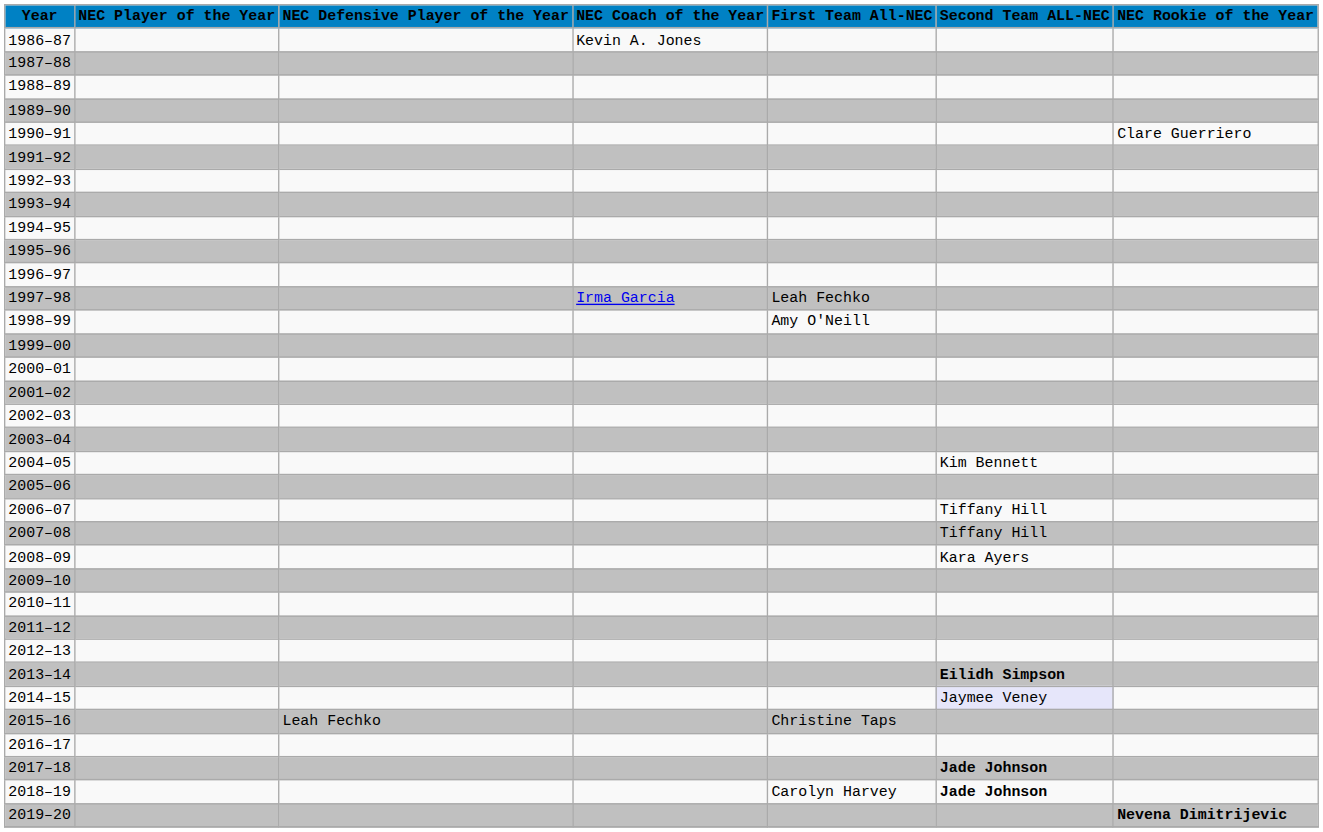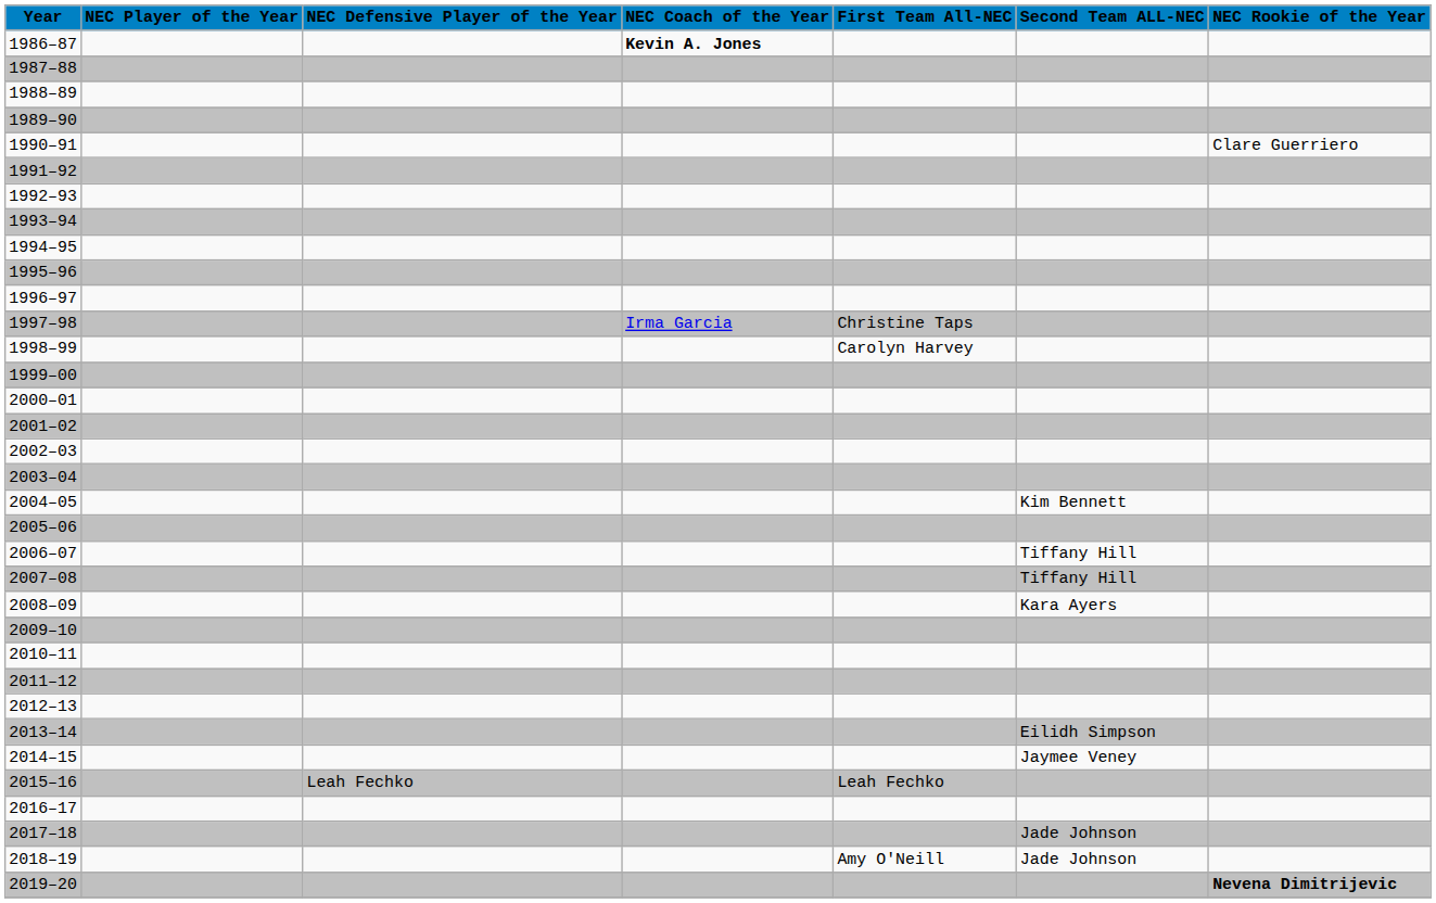 <table class="wikitable collapsible autocollapse" style="font-size:85%">
 <tr>
 <th align="center" style="background:#0081C4;"><span>Year</span></th>
 <th align="center" style="background:#0081C4;"><span>NEC Player of the Year</span> </th>
 <th align="center" style="background:#0081C4;"><span>NEC Defensive Player of the Year</span> </th>
 <th align="center" style="background:#0081C4;"><span>NEC Coach of the Year</span> </th>
 <th align="center" style="background:#0081C4;"><span>First Team All-NEC</span> </th>
 <th align="center" style="background:#0081C4;"><span>Second Team ALL-NEC</span> </th>
 <th align="center" style="background:#0081C4;"><span>NEC Rookie of the Year</span> </th>
 </tr>
 <tr>
 <td>1986–87</td>
 <td></td>
 <td></td>
-<td>Kevin A. Jones</td>
+<td><strong>Kevin A. Jones</strong></td>
 <td></td>
 <td></td>
 <td></td>
 </tr>
 <tr>
 <td style=background:silver>1987–88</td>
 <td style=background:silver></td>
 <td style=background:silver></td>
 <td style=background:silver></td>
 <td style=background:silver></td>
 <td style=background:silver></td>
 <td style=background:silver></td>
 </tr>
 <tr>
 <td>1988–89</td>
 <td></td>
 <td></td>
 <td></td>
 <td></td>
 <td></td>
 <td></td>
 </tr>
 <tr>
 <td style=background:silver>1989–90</td>
 <td style=background:silver></td>
 <td style=background:silver></td>
 <td style=background:silver></td>
 <td style=background:silver></td>
 <td style=background:silver></td>
 <td style=background:silver></td>
 </tr>
 <tr>
 <td>1990–91</td>
 <td></td>
 <td></td>
 <td></td>
 <td></td>
 <td></td>
 <td>Clare Guerriero</td>
 </tr>
 <tr>
 <td style=background:silver>1991–92</td>
 <td style=background:silver></td>
 <td style=background:silver></td>
 <td style=background:silver></td>
 <td style=background:silver></td>
 <td style=background:silver></td>
 <td style=background:silver></td>
 </tr>
 <tr>
 <td>1992–93</td>
 <td></td>
 <td></td>
 <td></td>
 <td></td>
 <td></td>
 <td></td>
 </tr>
 <tr>
 <td style=background:silver>1993–94</td>
 <td style=background:silver></td>
 <td style=background:silver></td>
 <td style=background:silver></td>
 <td style=background:silver></td>
 <td style=background:silver></td>
 <td style=background:silver></td>
 </tr>
 <tr>
 <td>1994–95</td>
 <td></td>
 <td></td>
 <td></td>
 <td></td>
 <td></td>
 <td></td>
 </tr>
 <tr>
 <td style=background:silver>1995–96</td>
 <td style=background:silver></td>
 <td style=background:silver></td>
 <td style=background:silver></td>
 <td style=background:silver></td>
 <td style=background:silver></td>
 <td style=background:silver></td>
 </tr>
 <tr>
 <td>1996–97</td>
 <td></td>
 <td></td>
 <td></td>
 <td></td>
 <td></td>
 <td></td>
 </tr>
 <tr>
 <td style=background:silver>1997–98</td>
 <td style=background:silver></td>
 <td style=background:silver></td>
 <td style=background:silver><a href='#'>Irma Garcia</a></td>
-<td style=background:silver>Leah Fechko</td>
+<td style=background:silver>Christine Taps</td>
 <td style=background:silver></td>
 <td style=background:silver></td>
 </tr>
 <tr>
 <td>1998–99</td>
 <td></td>
 <td></td>
 <td></td>
-<td>Amy O'Neill</td>
+<td>Carolyn Harvey</td>
 <td></td>
 <td></td>
 </tr>
 <tr>
 <td style=background:silver>1999–00</td>
 <td style=background:silver></td>
 <td style=background:silver></td>
 <td style=background:silver></td>
 <td style=background:silver></td>
 <td style=background:silver></td>
 <td style=background:silver></td>
 </tr>
 <tr>
 <td>2000–01</td>
 <td></td>
 <td></td>
 <td></td>
 <td></td>
 <td></td>
 <td></td>
 </tr>
 <tr>
 <td style=background:silver>2001–02</td>
 <td style=background:silver></td>
 <td style=background:silver></td>
 <td style=background:silver></td>
 <td style=background:silver></td>
 <td style=background:silver></td>
 <td style=background:silver></td>
 </tr>
 <tr>
 <td>2002–03</td>
 <td></td>
 <td></td>
 <td></td>
 <td></td>
 <td></td>
 <td></td>
 </tr>
 <tr>
 <td style=background:silver>2003–04</td>
 <td style=background:silver></td>
 <td style=background:silver></td>
 <td style=background:silver></td>
 <td style=background:silver></td>
 <td style=background:silver></td>
 <td style=background:silver></td>
 </tr>
 <tr>
 <td>2004–05</td>
 <td></td>
 <td></td>
 <td></td>
 <td></td>
 <td>Kim Bennett</td>
 <td></td>
 </tr>
 <tr>
 <td style=background:silver>2005–06</td>
 <td style=background:silver></td>
 <td style=background:silver></td>
 <td style=background:silver></td>
 <td style=background:silver></td>
 <td style=background:silver></td>
 <td style=background:silver></td>
 </tr>
 <tr>
 <td>2006–07</td>
 <td></td>
 <td></td>
 <td></td>
 <td></td>
 <td>Tiffany Hill</td>
 <td></td>
 </tr>
 <tr>
 <td style=background:silver>2007–08</td>
 <td style=background:silver></td>
 <td style=background:silver></td>
 <td style=background:silver></td>
 <td style=background:silver></td>
 <td style=background:silver>Tiffany Hill</td>
 <td style=background:silver></td>
 </tr>
 <tr>
 <td>2008–09</td>
 <td></td>
 <td></td>
 <td></td>
 <td></td>
 <td>Kara Ayers</td>
 <td></td>
 </tr>
 <tr>
 <td style=background:silver>2009–10</td>
 <td style=background:silver></td>
 <td style=background:silver></td>
 <td style=background:silver></td>
 <td style=background:silver></td>
 <td style=background:silver></td>
 <td style=background:silver></td>
 </tr>
 <tr>
 <td>2010–11</td>
 <td></td>
 <td></td>
 <td></td>
 <td></td>
 <td></td>
 <td></td>
 </tr>
 <tr>
 <td style=background:silver>2011–12</td>
 <td style=background:silver></td>
 <td style=background:silver></td>
 <td style=background:silver></td>
 <td style=background:silver></td>
 <td style=background:silver></td>
 <td style=background:silver></td>
 </tr>
 <tr>
 <td>2012–13</td>
 <td></td>
 <td></td>
 <td></td>
 <td></td>
 <td></td>
 <td></td>
 </tr>
 <tr>
 <td style=background:silver>2013–14</td>
 <td style=background:silver></td>
 <td style=background:silver></td>
 <td style=background:silver></td>
 <td style=background:silver></td>
-<td style=background:silver><strong>Eilidh Simpson</strong></td>
+<td style=background:silver>Eilidh Simpson</td>
 <td style=background:silver></td>
 </tr>
 <tr>
 <td>2014–15</td>
 <td></td>
 <td></td>
 <td></td>
 <td></td>
-<td style="background: lavender;">Jaymee Veney</td>
+<td>Jaymee Veney</td>
 <td></td>
 </tr>
 <tr>
 <td style=background:silver>2015–16</td>
 <td style=background:silver></td>
 <td style=background:silver>Leah Fechko</td>
 <td style=background:silver></td>
-<td style=background:silver>Christine Taps</td>
+<td style=background:silver>Leah Fechko</td>
 <td style=background:silver></td>
 <td style=background:silver></td>
 </tr>
 <tr>
 <td>2016–17</td>
 <td></td>
 <td></td>
 <td></td>
 <td></td>
 <td></td>
 <td></td>
 </tr>
 <tr>
 <td style=background:silver>2017–18</td>
 <td style=background:silver></td>
 <td style=background:silver></td>
 <td style=background:silver></td>
 <td style=background:silver></td>
-<td style=background:silver><strong>Jade Johnson</strong></td>
+<td style=background:silver>Jade Johnson</td>
 <td style=background:silver></td>
 </tr>
 <tr>
 <td>2018–19</td>
 <td></td>
 <td></td>
 <td></td>
-<td>Carolyn Harvey</td>
-<td><strong>Jade Johnson</strong></td>
+<td>Amy O'Neill</td>
+<td>Jade Johnson</td>
 <td></td>
 </tr>
 <tr>
 <td style=background:silver>2019–20</td>
 <td style=background:silver></td>
 <td style=background:silver></td>
 <td style=background:silver></td>
 <td style=background:silver></td>
 <td style=background:silver></td>
 <td style=background:silver><strong>Nevena Dimitrijevic</strong></td>
 </tr>
 <tr>
 </tr>
 </table>
